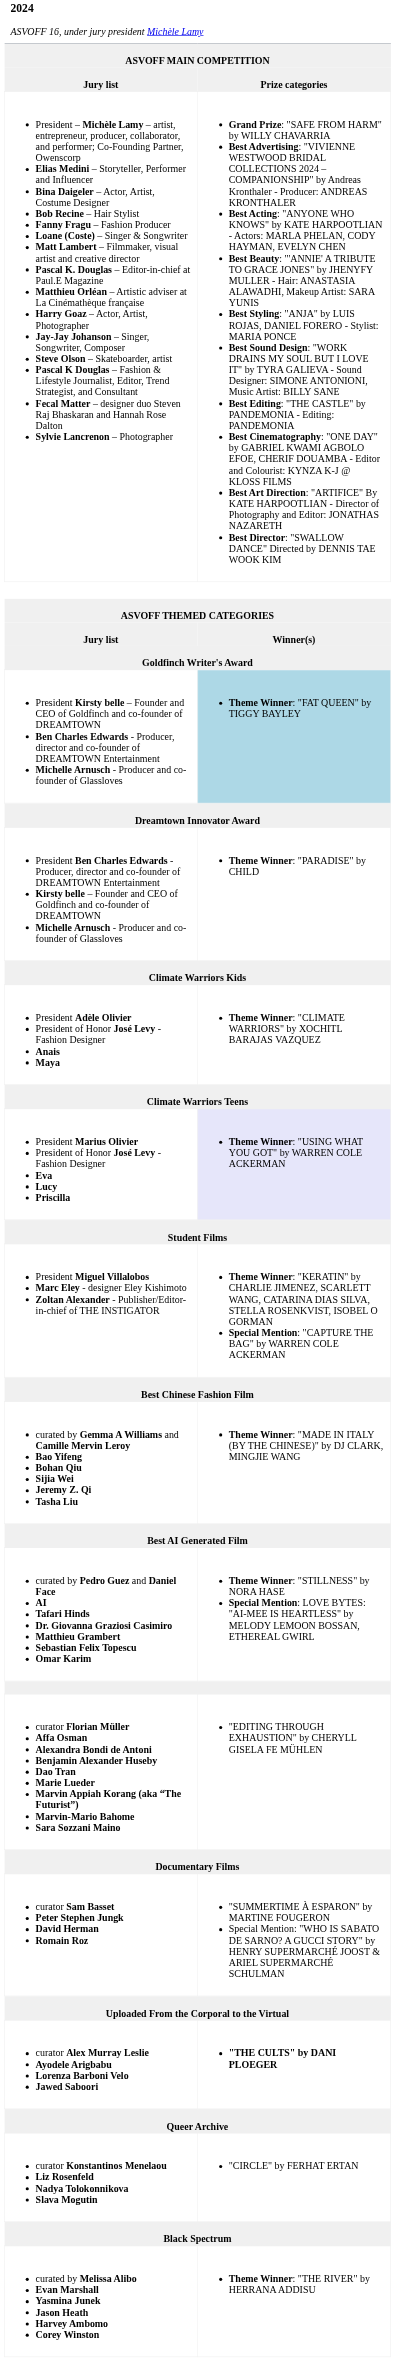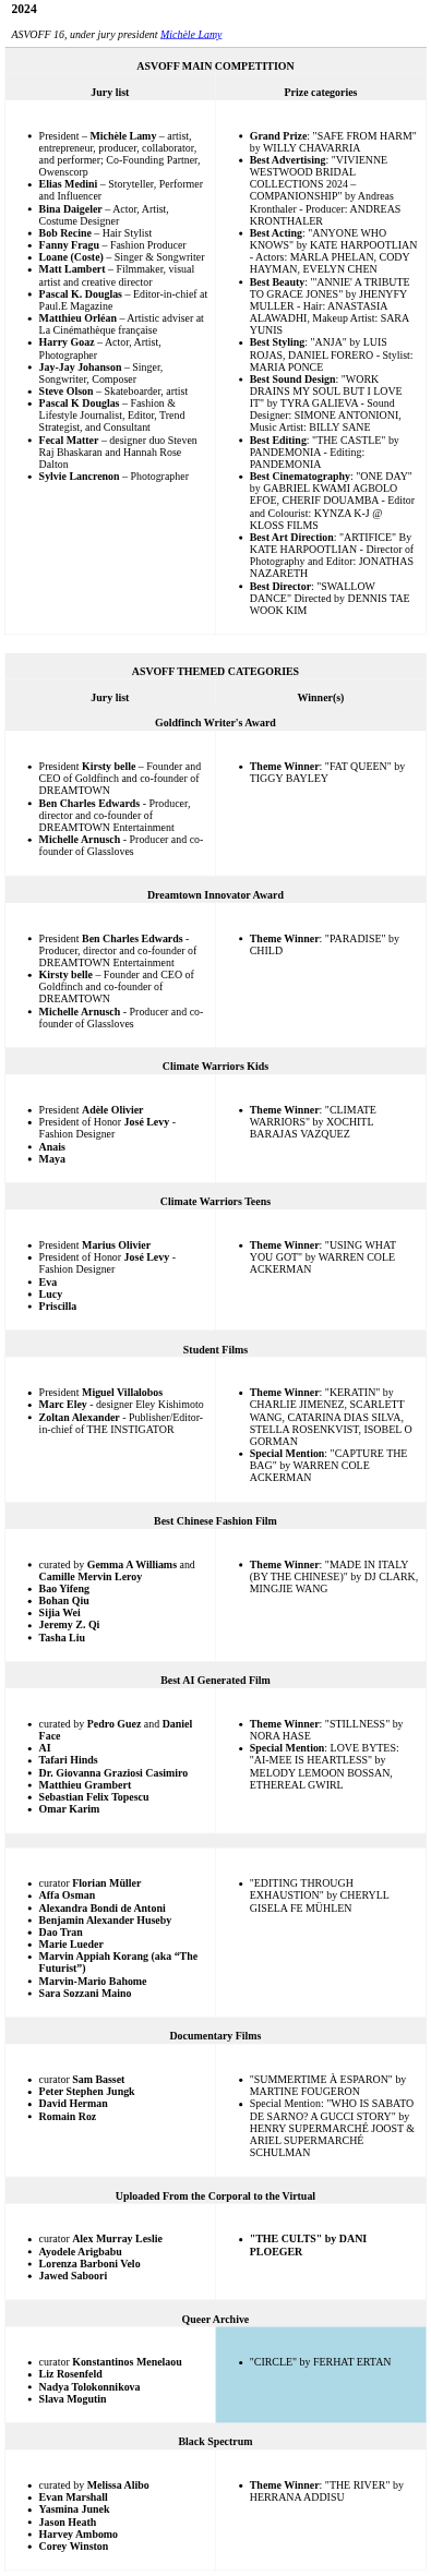 <table style="border-collapse:collapse;width:100%;margin-bottom:25px;">
 <tr>
 <td colspan="2" style="padding:10px;vertical-align:top;border-bottom:1px solid #a2a9b1;"><br><h3>2024</h3><em>ASVOFF 16, under jury president <a href='#'>Michèle Lamy</a></em></td>
 </tr>
 <tr>
 <th colspan="2"  style="background-color:#f0f0f0;text-align:center;"><br><strong>ASVOFF MAIN COMPETITION</strong></th>
 </tr>
 <tr>
 <th style="text-align: center;width:50%;background-color:#f0f0f0;"><br><strong>Jury list</strong></th>
 <th style="text-align: center;width:50%;background-color:#f0f0f0;"><br>Prize categories</th>
 </tr>
 <tr>
 <td style="padding:10px;vertical-align:top;border:1px solid #f0f0f0;"><br><ul><li>President – <strong>Michèle Lamy</strong> – artist, entrepreneur, producer, collaborator, and performer; Co-Founding Partner, Owenscorp</li><li><strong>Elias Medini</strong> – Storyteller, Performer and Influencer</li><li><strong>Bina Daigeler</strong> – Actor, Artist, Costume Designer</li><li><strong>Bob Recine</strong> – Hair Stylist</li><li><strong>Fanny Fragu</strong> – Fashion Producer</li><li><strong>Loane (Coste)</strong> – Singer & Songwriter</li><li><strong>Matt Lambert</strong> – Filmmaker, visual artist and creative director</li><li><strong>Pascal K. Douglas</strong> – Editor-in-chief at Paul.E Magazine</li><li><strong>Matthieu Orléan</strong> – Artistic adviser at La Cinémathèque française</li><li><strong>Harry Goaz</strong> – Actor, Artist, Photographer</li><li><strong>Jay-Jay Johanson</strong> – Singer, Songwriter, Composer</li><li><strong>Steve Olson</strong> – Skateboarder, artist</li><li><strong>Pascal K Douglas</strong> – Fashion & Lifestyle Journalist, Editor, Trend Strategist, and Consultant</li><li><strong>Fecal Matter</strong> – designer duo Steven Raj Bhaskaran and Hannah Rose Dalton</li><li><strong>Sylvie Lancrenon</strong> – Photographer</li></ul></td>
 <td style="padding:10px;vertical-align:top;border:1px solid #f0f0f0;"><br><ul><li><strong>Grand Prize</strong>: "SAFE FROM HARM" by WILLY CHAVARRIA</li><li><strong>Best Advertising</strong>: "VIVIENNE WESTWOOD BRIDAL COLLECTIONS 2024 – COMPANIONSHIP" by  Andreas Kronthaler - Producer: ANDREAS KRONTHALER</li><li><strong>Best Acting</strong>: "ANYONE WHO KNOWS" by KATE HARPOOTLIAN - Actors: MARLA PHELAN, CODY HAYMAN, EVELYN CHEN</li><li><strong>Best Beauty</strong>: "'ANNIE' A TRIBUTE TO GRACE JONES" by JHENYFY MULLER - Hair: ANASTASIA ALAWADHI, Makeup Artist: SARA YUNIS</li><li><strong>Best Styling</strong>: "ANJA" by LUIS ROJAS, DANIEL FORERO - Stylist: MARIA PONCE</li><li><strong>Best Sound Design</strong>: "WORK DRAINS MY SOUL BUT I LOVE IT" by TYRA GALIEVA - Sound Designer: SIMONE ANTONIONI, Music Artist: BILLY SANE</li><li><strong>Best Editing</strong>: "THE CASTLE" by PANDEMONIA - Editing: PANDEMONIA</li><li><strong>Best Cinematography</strong>: "ONE DAY" by GABRIEL KWAMI AGBOLO EFOE, CHERIF DOUAMBA - Editor and Colourist: KYNZA K-J @ KLOSS FILMS</li><li><strong>Best Art Direction</strong>: "ARTIFICE" By KATE HARPOOTLIAN - Director of Photography and Editor: JONATHAS NAZARETH</li><li><strong>Best Director</strong>: "SWALLOW DANCE" Directed by DENNIS TAE WOOK KIM</li></ul></td>
 </tr>
 <tr>
 <th colspan="2" style="height:25px;"></th>
 </tr>
 <tr>
 <th colspan="2"  style="background-color:#f0f0f0;text-align:center;"><br><strong>ASVOFF THEMED CATEGORIES</strong></th>
 </tr>
 <tr>
 <th style="text-align: center;width:50%;background-color:#f0f0f0;"><br><strong>Jury list</strong></th>
 <th style="text-align: center;width:50%;background-color:#f0f0f0;"><br>Winner(s)</th>
 </tr>
 <tr>
 <th colspan="2"  style="background-color:#f0f0f0;text-align:center;"><br><strong>Goldfinch Writer's Award</strong></th>
 </tr>
 <tr>
 <td style="padding:10px;vertical-align:top;border:1px solid #f0f0f0;"><br><ul><li>President <strong>Kirsty belle</strong> – Founder and CEO of Goldfinch and co-founder of DREAMTOWN</li><li><strong>Ben Charles Edwards</strong> - Producer, director and co-founder of DREAMTOWN Entertainment</li><li><strong>Michelle Arnusch</strong> - Producer and co-founder of Glassloves</li></ul></td>
-<td style="background: lightblue; padding:10px;vertical-align:top;border:1px solid #f0f0f0;"><br><ul><li><strong>Theme Winner</strong>: "FAT QUEEN" by TIGGY BAYLEY</li></ul></td>
+<td style="padding:10px;vertical-align:top;border:1px solid #f0f0f0;"><br><ul><li><strong>Theme Winner</strong>: "FAT QUEEN" by TIGGY BAYLEY</li></ul></td>
 </tr>
 <tr>
 <th colspan="2"  style="background-color:#f0f0f0;text-align:center;"><br><strong>Dreamtown Innovator Award</strong></th>
 </tr>
 <tr>
 <td style="padding:10px;vertical-align:top;border:1px solid #f0f0f0;"><br><ul><li>President <strong>Ben Charles Edwards</strong> - Producer, director and co-founder of DREAMTOWN Entertainment</li><li><strong>Kirsty belle</strong> – Founder and CEO of Goldfinch and co-founder of DREAMTOWN</li><li><strong>Michelle Arnusch</strong> - Producer and co-founder of Glassloves</li></ul></td>
 <td style="padding:10px;vertical-align:top;border:1px solid #f0f0f0;"><br><ul><li><strong>Theme Winner</strong>: "PARADISE" by CHILD</li></ul></td>
 </tr>
 <tr>
 <th colspan="2"  style="background-color:#f0f0f0;text-align:center;"><br><strong>Climate Warriors Kids</strong></th>
 </tr>
 <tr>
 <td style="padding:10px;vertical-align:top;border:1px solid #f0f0f0;"><br><ul><li>President <strong>Adèle Olivier</strong></li><li>President of Honor <strong>José Levy</strong> - Fashion Designer</li><li><strong>Anais</strong></li><li><strong>Maya</strong></li></ul></td>
 <td style="padding:10px;vertical-align:top;border:1px solid #f0f0f0;"><br><ul><li><strong>Theme Winner</strong>: "CLIMATE WARRIORS" by XOCHITL BARAJAS VAZQUEZ</li></ul></td>
 </tr>
 <tr>
 <th colspan="2"  style="background-color:#f0f0f0;text-align:center;"><br><strong>Climate Warriors Teens</strong></th>
 </tr>
 <tr>
 <td style="padding:10px;vertical-align:top;border:1px solid #f0f0f0;"><br><ul><li>President <strong>Marius Olivier</strong></li><li>President of Honor <strong>José Levy</strong> - Fashion Designer</li><li><strong>Eva</strong></li><li><strong>Lucy</strong></li><li><strong>Priscilla</strong></li></ul></td>
-<td style="background: lavender; padding:10px;vertical-align:top;border:1px solid #f0f0f0;"><br><ul><li><strong>Theme Winner</strong>: "USING WHAT YOU GOT" by WARREN COLE ACKERMAN</li></ul></td>
+<td style="padding:10px;vertical-align:top;border:1px solid #f0f0f0;"><br><ul><li><strong>Theme Winner</strong>: "USING WHAT YOU GOT" by WARREN COLE ACKERMAN</li></ul></td>
 </tr>
 <tr>
 <th colspan="2"  style="background-color:#f0f0f0;text-align:center;"><br><strong>Student Films</strong></th>
 </tr>
 <tr>
 <td style="padding:10px;vertical-align:top;border:1px solid #f0f0f0;"><br><ul><li>President <strong>Miguel Villalobos</strong></li><li><strong>Marc Eley</strong> - designer Eley Kishimoto</li><li><strong>Zoltan Alexander</strong> - Publisher/Editor-in-chief of THE INSTIGATOR</li></ul></td>
 <td style="padding:10px;vertical-align:top;border:1px solid #f0f0f0;"><br><ul><li><strong>Theme Winner</strong>: "KERATIN" by CHARLIE JIMENEZ, SCARLETT WANG, CATARINA DIAS SILVA, STELLA ROSENKVIST, ISOBEL O GORMAN</li><li><strong>Special Mention</strong>: "CAPTURE THE BAG" by WARREN COLE ACKERMAN</li></ul></td>
 </tr>
 <tr>
 <th colspan="2"  style="background-color:#f0f0f0;text-align:center;"><br><strong>Best Chinese Fashion Film</strong></th>
 </tr>
 <tr>
 <td style="padding:10px;vertical-align:top;border:1px solid #f0f0f0;"><br><ul><li>curated by <strong>Gemma A Williams</strong> and <strong>Camille  Mervin Leroy</strong></li><li><strong>Bao Yifeng</strong></li><li><strong>Bohan Qiu</strong></li><li><strong>Sijia Wei</strong></li><li><strong>Jeremy Z. Qi</strong></li><li><strong>Tasha Liu</strong></li></ul></td>
 <td style="padding:10px;vertical-align:top;border:1px solid #f0f0f0;"><br><ul><li><strong>Theme Winner</strong>: "MADE IN ITALY (BY THE CHINESE)" by DJ CLARK, MINGJIE WANG</li></ul></td>
 </tr>
 <tr>
 <th colspan="2"  style="background-color:#f0f0f0;text-align:center;"><br><strong>Best AI Generated Film</strong></th>
 </tr>
 <tr>
 <td style="padding:10px;vertical-align:top;border:1px solid #f0f0f0;"><br><ul><li>curated by <strong>Pedro Guez</strong> and <strong>Daniel Face</strong></li><li><strong>AI</strong></li><li><strong>Tafari Hinds</strong></li><li><strong>Dr. Giovanna Graziosi Casimiro</strong></li><li><strong>Matthieu Grambert</strong></li><li><strong>Sebastian Felix Topescu</strong></li><li><strong>Omar Karim</strong></li></ul></td>
 <td style="padding:10px;vertical-align:top;border:1px solid #f0f0f0;"><br><ul><li><strong>Theme Winner</strong>: "STILLNESS" by NORA HASE</li><li><strong>Special Mention</strong>: LOVE BYTES: "AI-MEE IS HEARTLESS" by MELODY LEMOON BOSSAN, ETHEREAL GWIRL</li></ul></td>
 </tr>
 <tr>
 <th colspan="2"  style="background-color:#f0f0f0;text-align:center;"><br><strong></strong></th>
 </tr>
 <tr>
 <td style="padding:10px;vertical-align:top;border:1px solid #f0f0f0;"><br><ul><li>curator <strong>Florian Müller</strong></li><li><strong>Affa Osman</strong></li><li><strong>Alexandra Bondi de Antoni</strong></li><li><strong>Benjamin Alexander Huseby</strong></li><li><strong>Dao Tran</strong></li><li><strong>Marie Lueder</strong></li><li><strong>Marvin Appiah Korang (aka “The Futurist”)</strong></li><li><strong>Marvin-Mario Bahome</strong></li><li><strong>Sara Sozzani Maino</strong></li></ul></td>
 <td style="padding:10px;vertical-align:top;border:1px solid #f0f0f0;"><br><ul><li>"EDITING THROUGH EXHAUSTION" by CHERYLL GISELA FE MÜHLEN</li></ul></td>
 </tr>
 <tr>
 <th colspan="2"  style="background-color:#f0f0f0;text-align:center;"><br><strong>Documentary Films</strong></th>
 </tr>
 <tr>
 <td style="padding:10px;vertical-align:top;border:1px solid #f0f0f0;"><br><ul><li>curator <strong>Sam Basset</strong></li><li><strong>Peter Stephen Jungk</strong></li><li><strong>David Herman</strong></li><li><strong>Romain Roz</strong></li></ul></td>
 <td style="padding:10px;vertical-align:top;border:1px solid #f0f0f0;"><br><ul><li>"SUMMERTIME À ESPARON" by MARTINE FOUGERON</li><li>Special Mention: "WHO IS SABATO DE SARNO? A GUCCI STORY" by HENRY SUPERMARCHÉ JOOST & ARIEL SUPERMARCHÉ SCHULMAN</li></ul></td>
 </tr>
 <tr>
 <th colspan="2"  style="background-color:#f0f0f0;text-align:center;"><br><strong>Uploaded From the Corporal to the Virtual</strong></th>
 </tr>
 <tr>
 <td style="padding:10px;vertical-align:top;border:1px solid #f0f0f0;"><br><ul><li>curator <strong>Alex Murray Leslie</strong></li><li><strong>Ayodele Arigbabu</strong></li><li><strong>Lorenza Barboni Velo</strong></li><li><strong>Jawed Saboori</strong></li></ul></td>
 <td style="padding:10px;vertical-align:top;border:1px solid #f0f0f0;"><strong><br><ul><li>"THE CULTS" by DANI PLOEGER</li></ul></strong></td>
 </tr>
 <tr>
 <th colspan="2"  style="background-color:#f0f0f0;text-align:center;"><br><strong>Queer Archive</strong></th>
 </tr>
 <tr>
 <td style="padding:10px;vertical-align:top;border:1px solid #f0f0f0;"><br><ul><li>curator <strong>Konstantinos Menelaou</strong></li><li><strong>Liz Rosenfeld</strong></li><li><strong>Nadya Tolokonnikova</strong></li><li><strong>Slava Mogutin</strong></li></ul></td>
-<td style="padding:10px;vertical-align:top;border:1px solid #f0f0f0;"><br><ul><li>"CIRCLE" by FERHAT ERTAN</li></ul></td>
+<td style="background: lightblue; padding:10px;vertical-align:top;border:1px solid #f0f0f0;"><br><ul><li>"CIRCLE" by FERHAT ERTAN</li></ul></td>
 </tr>
 <tr>
 <th colspan="2"  style="background-color:#f0f0f0;text-align:center;"><br><strong>Black Spectrum</strong></th>
 </tr>
 <tr>
 <td style="padding:10px;vertical-align:top;border:1px solid #f0f0f0;"><br><ul><li>curated by <strong>Melissa Alibo</strong></li><li><strong>Evan Marshall</strong></li><li><strong>Yasmina Junek</strong></li><li><strong>Jason Heath</strong></li><li><strong>Harvey Ambomo</strong></li><li><strong>Corey Winston</strong></li></ul></td>
 <td style="padding:10px;vertical-align:top;border:1px solid #f0f0f0;"><br><ul><li><strong>Theme Winner</strong>: "THE RIVER" by HERRANA ADDISU</li></ul></td>
 </tr>
 </table>
